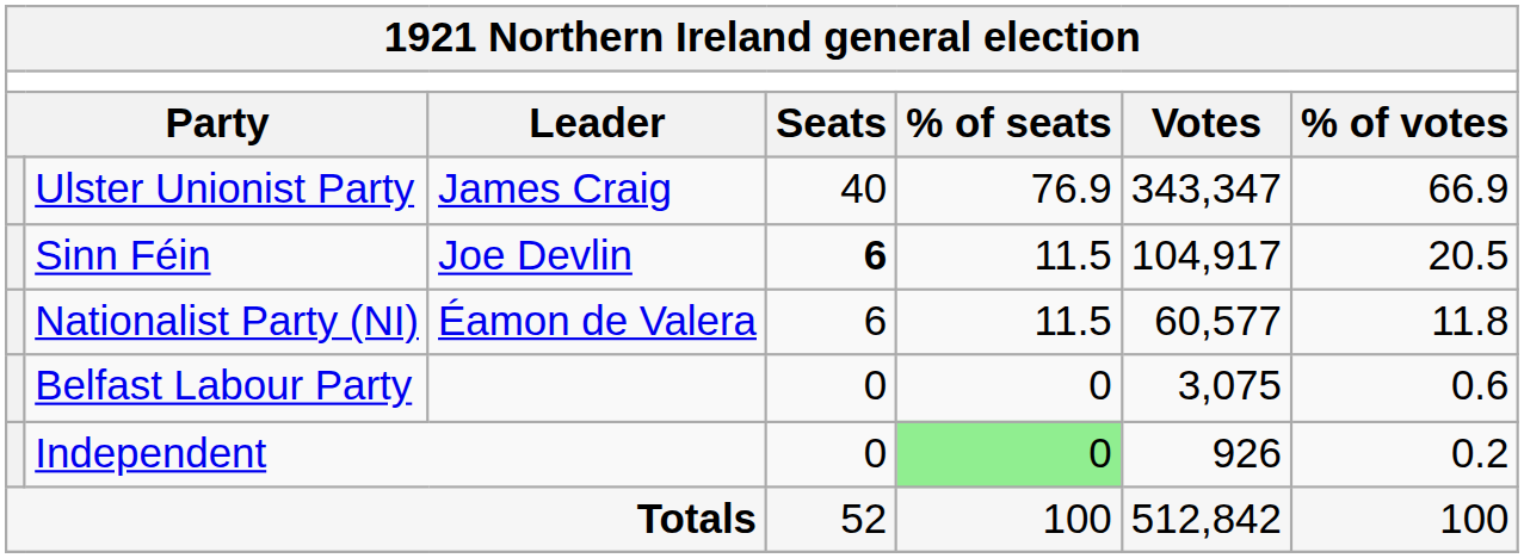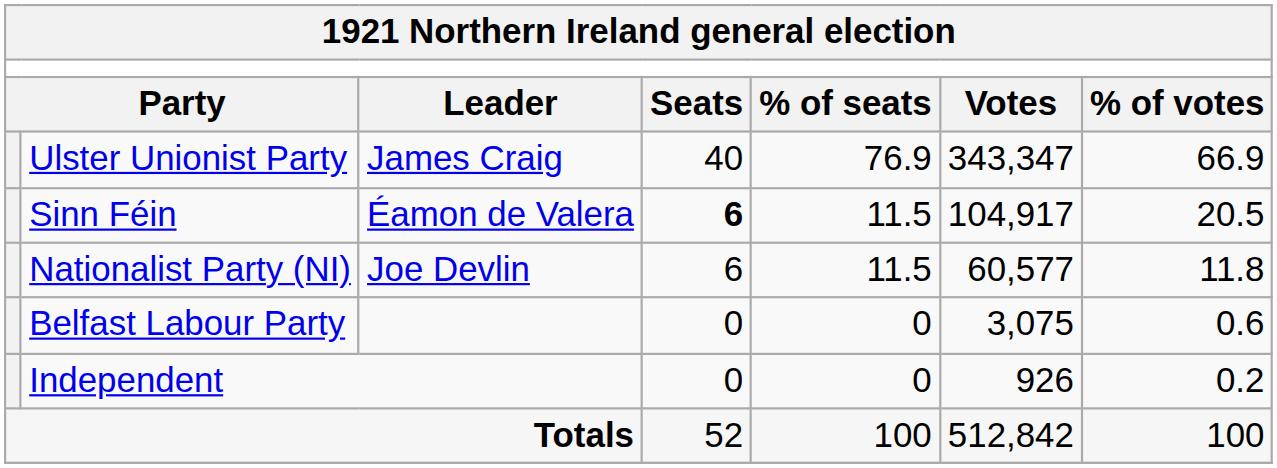 <table class="wikitable font-size: 95%;">
 <tr>
 <th colspan="7">1921 Northern Ireland general election</th>
 </tr>
 <tr>
 <th style="background-color:white;" colspan=7></th>
 </tr>
 <tr>
 <th colspan="2">Party</th>
 <th>Leader</th>
 <th>Seats</th>
 <th>% of seats</th>
 <th>Votes</th>
 <th>% of votes</th>
 </tr>
 <tr>
 <th style="background-color: "></th>
 <td><a href='#'>Ulster Unionist Party</a></td>
 <td><a href='#'>James Craig</a></td>
 <td align="right">40</td>
 <td align="right">76.9</td>
 <td align="right">343,347</td>
 <td align="right">66.9</td>
 </tr>
 <tr>
 <th style="background-color: "></th>
 <td><a href='#'>Sinn Féin</a></td>
-<td><a href='#'>Joe Devlin</a></td>
+<td><a href='#'>Éamon de Valera</a></td>
 <td align="right"><strong>6</strong></td>
 <td align="right">11.5</td>
 <td align="right">104,917</td>
 <td align="right">20.5</td>
 </tr>
 <tr>
 <th style="background-color: "></th>
 <td><a href='#'>Nationalist Party (NI)</a></td>
-<td><a href='#'>Éamon de Valera</a></td>
+<td><a href='#'>Joe Devlin</a></td>
 <td align="right">6</td>
 <td align="right">11.5</td>
 <td align="right">60,577</td>
 <td align="right">11.8</td>
 </tr>
 <tr>
 <th style="background-color: "></th>
 <td><a href='#'>Belfast Labour Party</a></td>
 <td></td>
 <td align="right">0</td>
 <td align="right">0</td>
 <td align="right">3,075</td>
 <td align="right">0.6</td>
 </tr>
 <tr>
 <th style="background-color: "></th>
 <td colspan="2"><a href='#'>Independent</a></td>
 <td align="right">0</td>
-<td align="right" style="background: lightgreen;">0</td>
+<td align="right">0</td>
 <td align="right">926</td>
 <td align="right">0.2</td>
 </tr>
 <tr style="background-color:#F6F6F6">
 <td colspan="3" align="right"><strong>Totals</strong></td>
 <td align="right">52</td>
 <td align="right">100</td>
 <td align="right">512,842</td>
 <td align="right">100</td>
 </tr>
 <tr>
 </tr>
 </table>
